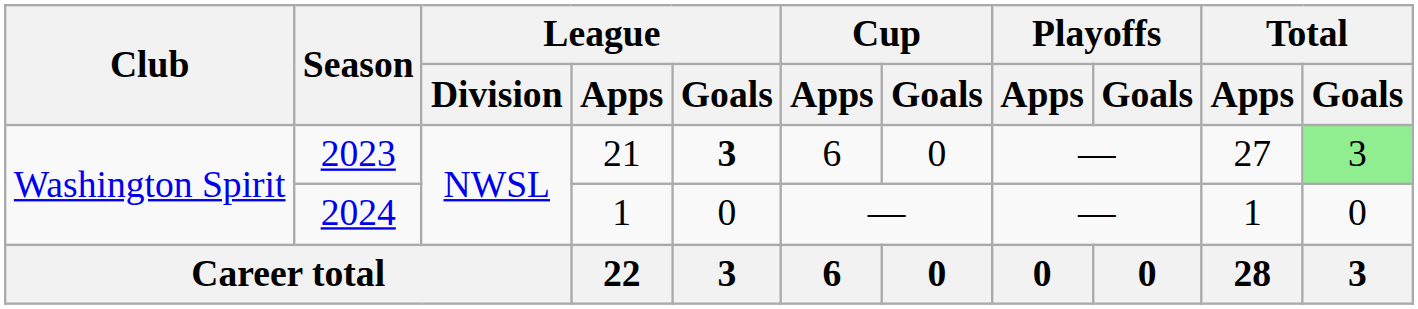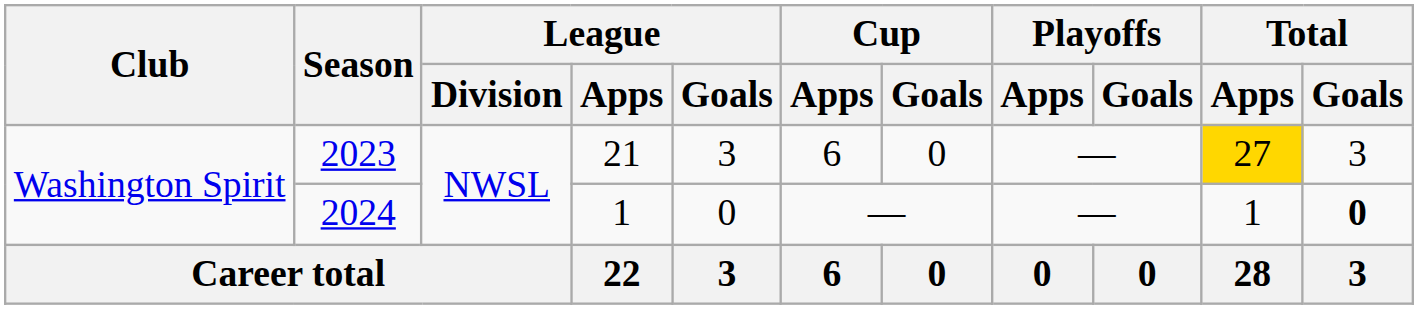 <table class="wikitable" style="text-align: center;">
 <tr>
 <th rowspan=2 scope="col">Club</th>
 <th rowspan=2 scope="col">Season</th>
 <th colspan=3 scope="col">League</th>
 <th colspan=2 scope="col">Cup</th>
 <th colspan=2 scope="col">Playoffs</th>
 <th colspan=2 scope="col">Total</th>
 </tr>
 <tr>
 <th>Division</th>
 <th>Apps</th>
 <th>Goals</th>
 <th>Apps</th>
 <th>Goals</th>
 <th>Apps</th>
 <th>Goals</th>
 <th>Apps</th>
 <th>Goals</th>
 </tr>
 <tr>
 <td rowspan=2><a href='#'>Washington Spirit</a></td>
 <td><a href='#'>2023</a></td>
 <td rowspan=2><a href='#'>NWSL</a></td>
 <td>21</td>
-<td><strong>3</strong></td>
+<td>3</td>
 <td>6</td>
 <td>0</td>
 <td colspan=2>—</td>
-<td>27</td>
-<td style="background: lightgreen;">3</td>
+<td style="background: gold;">27</td>
+<td>3</td>
 </tr>
 <tr>
 <td><a href='#'>2024</a></td>
 <td>1</td>
 <td>0</td>
 <td colspan=2>—</td>
 <td colspan=2>—</td>
 <td>1</td>
-<td>0</td>
+<td><strong>0</strong></td>
 </tr>
 <tr>
 <th colspan=3>Career total</th>
 <th>22</th>
 <th>3</th>
 <th>6</th>
 <th>0</th>
 <th>0</th>
 <th>0</th>
 <th>28</th>
 <th>3</th>
 </tr>
 </table>
